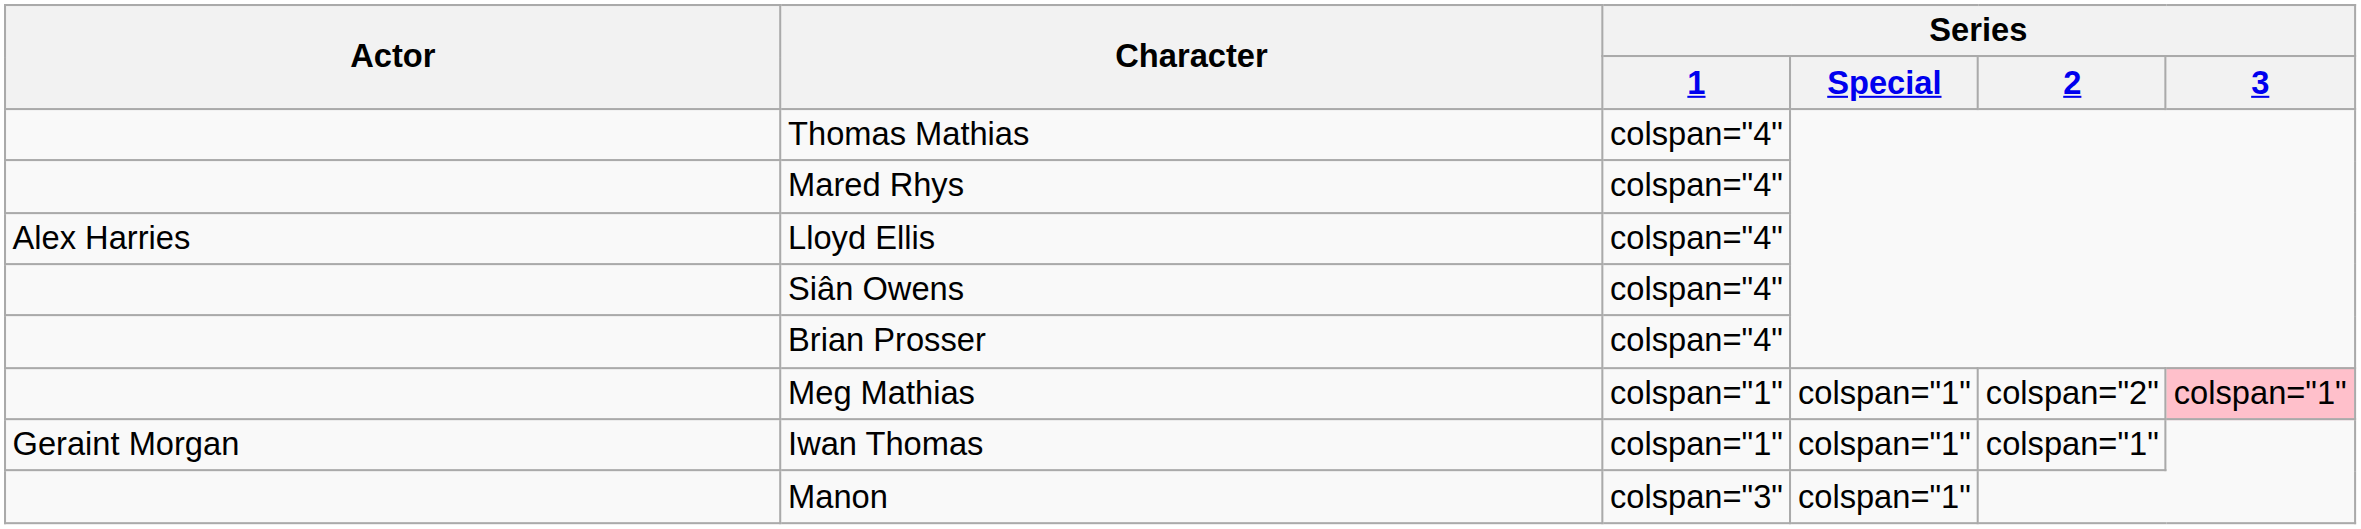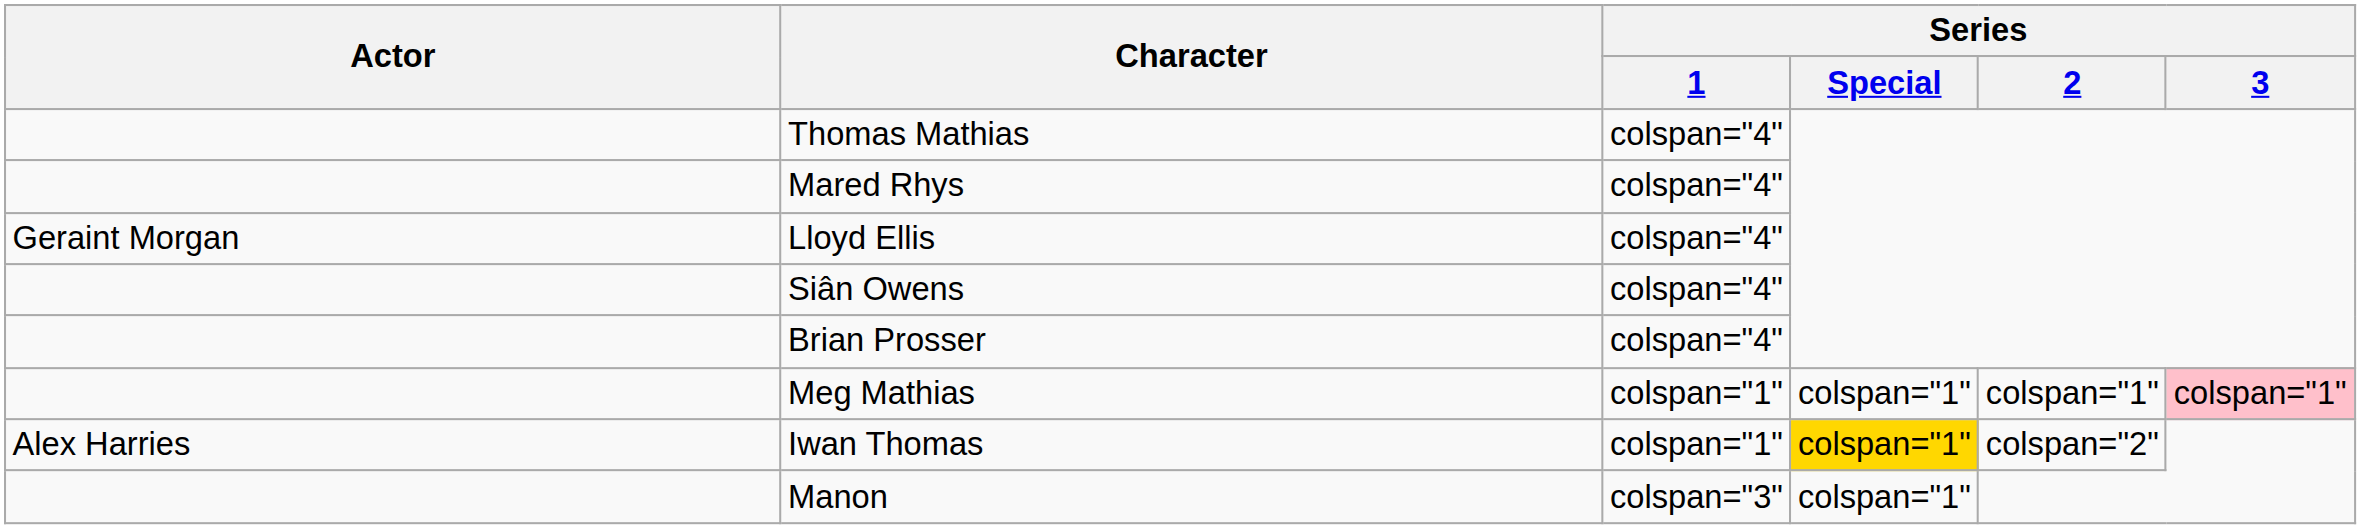 <table class="wikitable plainrowheaders">
 <tr>
 <th scope="col" rowspan="2">Actor</th>
 <th scope="col" rowspan="2">Character</th>
 <th scope="col" colspan="4">Series</th>
 </tr>
 <tr>
 <th scope="col" style="width:8%;"><a href='#'>1</a></th>
 <th scope="col" style="width:8%;"><a href='#'>Special</a></th>
 <th scope="col" style="width:8%;"><a href='#'>2</a></th>
 <th scope="col" style="width:8%;"><a href='#'>3</a></th>
 </tr>
 <tr>
 <td scope="row"></td>
 <td>Thomas Mathias</td>
 <td>colspan="4" </td>
 </tr>
 <tr>
 <td scope="row"></td>
 <td>Mared Rhys</td>
 <td>colspan="4" </td>
 </tr>
 <tr>
-<td scope="row">Alex Harries</td>
+<td scope="row">Geraint Morgan</td>
 <td>Lloyd Ellis</td>
 <td>colspan="4" </td>
 </tr>
 <tr>
 <td scope="row"></td>
 <td>Siân Owens</td>
 <td>colspan="4" </td>
 </tr>
 <tr>
 <td scope="row"></td>
 <td>Brian Prosser</td>
 <td>colspan="4" </td>
 </tr>
 <tr>
 <td scope="row"></td>
 <td>Meg Mathias</td>
 <td>colspan="1" </td>
 <td>colspan="1" </td>
-<td>colspan="2" </td>
+<td>colspan="1" </td>
 <td style="background: pink;">colspan="1" </td>
 </tr>
 <tr>
-<td scope="row">Geraint Morgan</td>
+<td scope="row">Alex Harries</td>
 <td>Iwan Thomas</td>
 <td>colspan="1" </td>
-<td>colspan="1" </td>
-<td>colspan="1" </td>
+<td style="background: gold;">colspan="1" </td>
+<td>colspan="2" </td>
 </tr>
 <tr>
 <td scope="row"></td>
 <td>Manon</td>
 <td>colspan="3" </td>
 <td>colspan="1" </td>
 </tr>
 </table>
